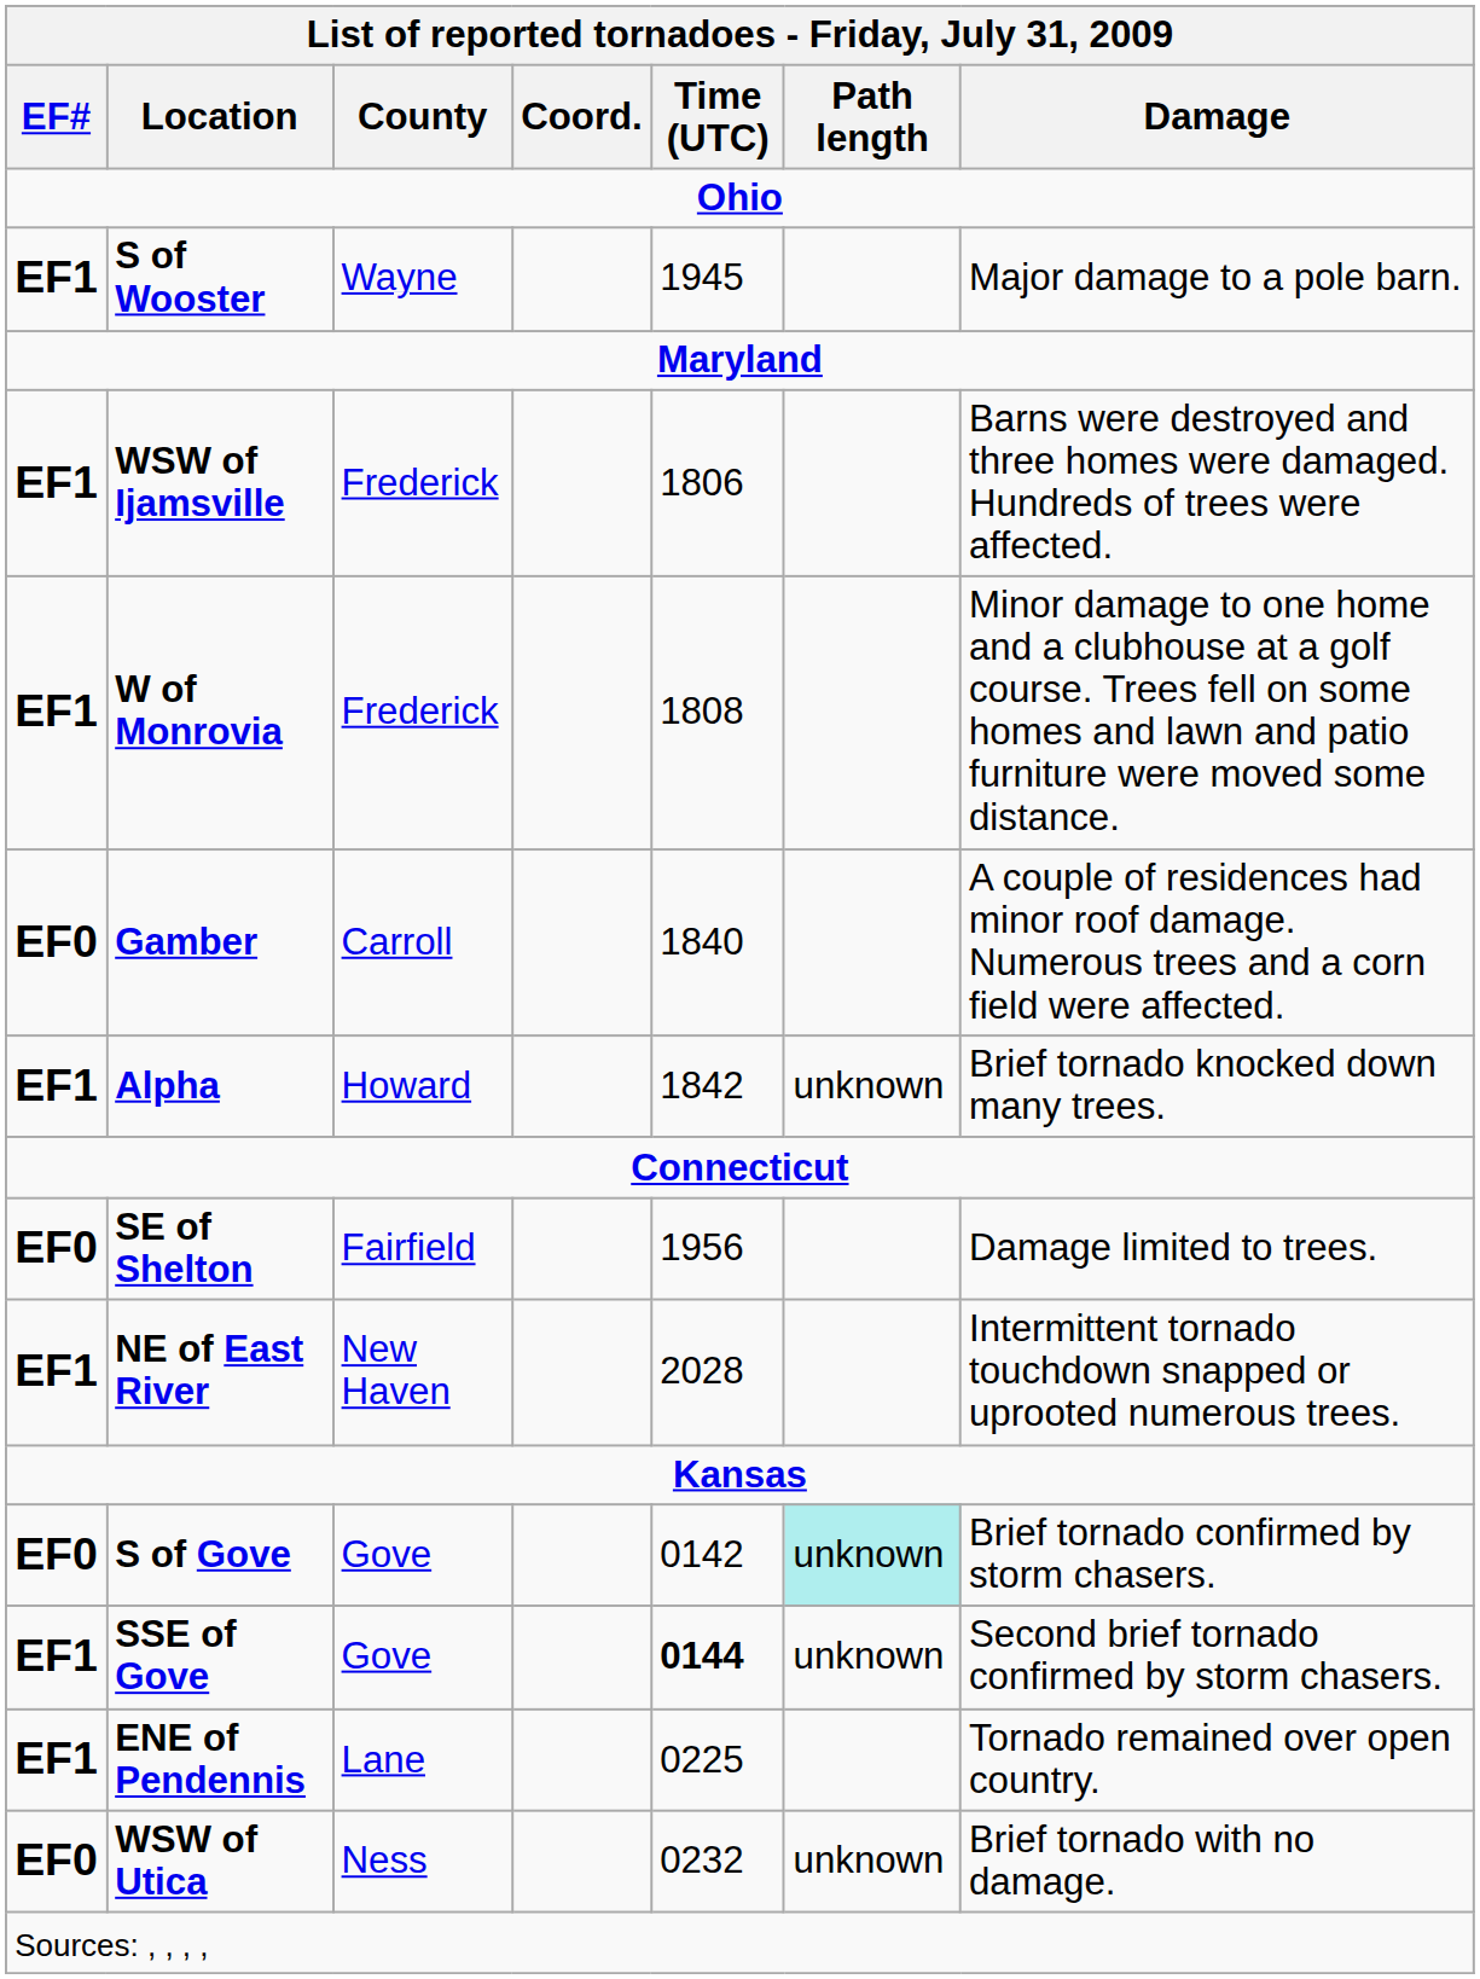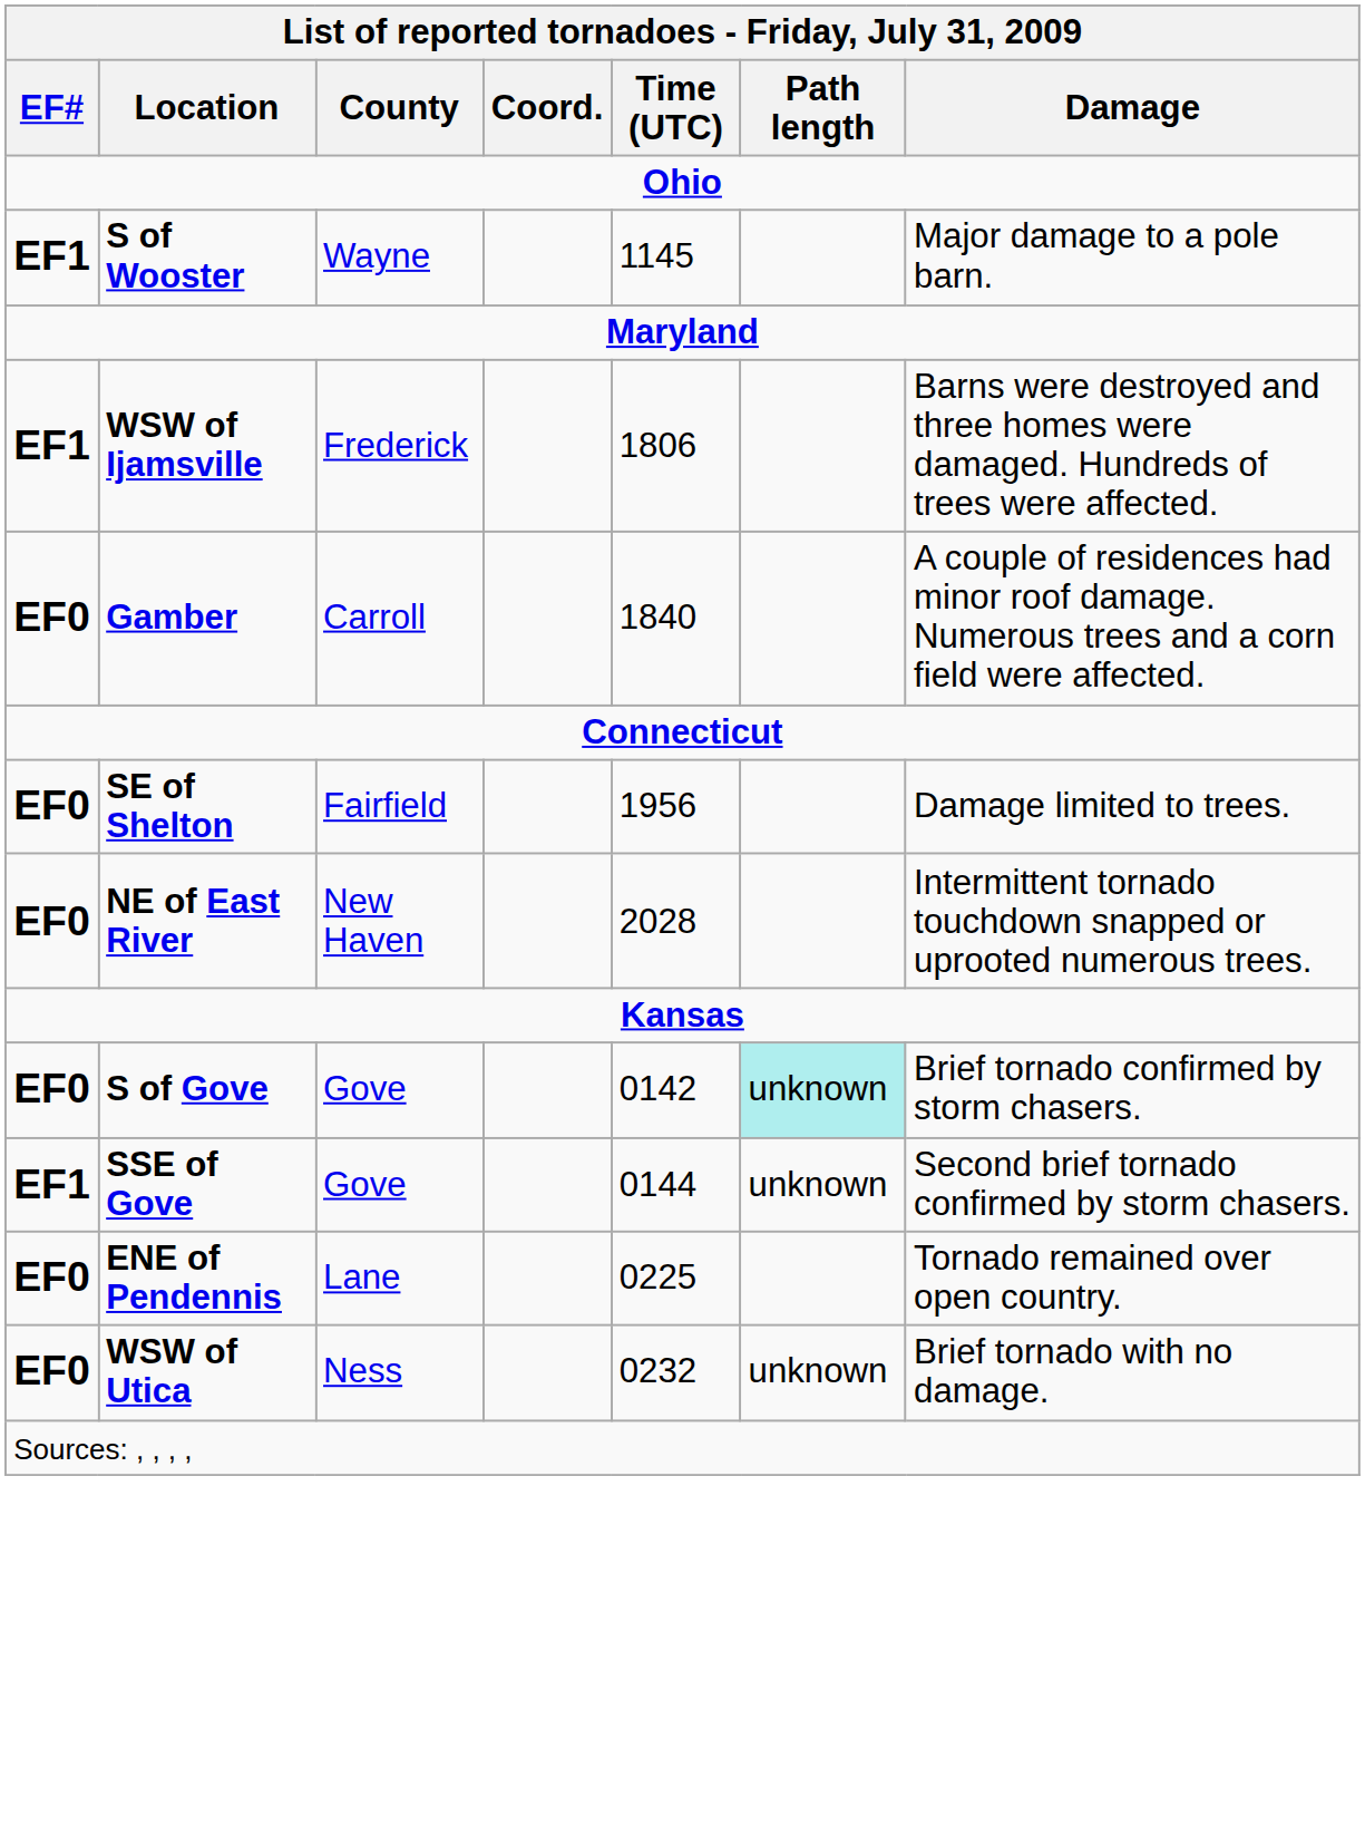 <table class="wikitable collapsible" style="width:100%;">
 <tr>
 <th colspan="7">List of reported tornadoes - Friday, July 31, 2009</th>
 </tr>
 <tr>
 <th><a href='#'>EF#</a></th>
 <th>Location</th>
 <th>County</th>
 <th>Coord.</th>
 <th>Time (UTC)</th>
 <th>Path length</th>
 <th>Damage</th>
 </tr>
 <tr>
 <td colspan="7" style="text-align:center;"><strong><a href='#'>Ohio</a></strong></td>
 </tr>
 <tr>
 <td><big><strong>EF1</strong></big></td>
 <td><strong>S of <a href='#'>Wooster</a></strong></td>
 <td><a href='#'>Wayne</a></td>
 <td></td>
-<td>1945</td>
+<td>1145</td>
 <td></td>
 <td>Major damage to a pole barn.</td>
 </tr>
 <tr>
 <td colspan="7" style="text-align:center;"><strong><a href='#'>Maryland</a></strong></td>
 </tr>
 <tr>
 <td><big><strong>EF1</strong></big></td>
 <td><strong>WSW of <a href='#'>Ijamsville</a></strong></td>
 <td><a href='#'>Frederick</a></td>
 <td></td>
 <td>1806</td>
 <td></td>
 <td>Barns were destroyed and three homes were damaged. Hundreds of trees were affected.</td>
 </tr>
 <tr>
-<td><big><strong>EF1</strong></big></td>
-<td><strong>W of <a href='#'>Monrovia</a></strong></td>
-<td><a href='#'>Frederick</a></td>
-<td></td>
-<td>1808</td>
-<td></td>
-<td>Minor damage to one home and a clubhouse at a golf course. Trees fell on some homes and lawn and patio furniture were moved some distance.</td>
-</tr>
-<tr>
 <td><big><strong>EF0</strong></big></td>
 <td><strong><a href='#'>Gamber</a></strong></td>
 <td><a href='#'>Carroll</a></td>
 <td></td>
 <td>1840</td>
 <td></td>
 <td>A couple of residences had minor roof damage. Numerous trees and a corn field were affected.</td>
-</tr>
-<tr>
-<td><big><strong>EF1</strong></big></td>
-<td><strong><a href='#'>Alpha</a></strong></td>
-<td><a href='#'>Howard</a></td>
-<td></td>
-<td>1842</td>
-<td>unknown</td>
-<td>Brief tornado knocked down many trees.</td>
 </tr>
 <tr>
 <td colspan="7" style="text-align:center;"><strong><a href='#'>Connecticut</a></strong></td>
 </tr>
 <tr>
 <td><big><strong>EF0</strong></big></td>
 <td><strong>SE of <a href='#'>Shelton</a></strong></td>
 <td><a href='#'>Fairfield</a></td>
 <td></td>
 <td>1956</td>
 <td></td>
 <td>Damage limited to trees.</td>
 </tr>
 <tr>
-<td><big><strong>EF1</strong></big></td>
+<td><big><strong>EF0</strong></big></td>
 <td><strong>NE of <a href='#'>East River</a></strong></td>
 <td><a href='#'>New Haven</a></td>
 <td></td>
 <td>2028</td>
 <td></td>
 <td>Intermittent tornado touchdown snapped or uprooted numerous trees.</td>
 </tr>
 <tr>
 <td colspan="7" style="text-align:center;"><strong><a href='#'>Kansas</a></strong></td>
 </tr>
 <tr>
 <td><big><strong>EF0</strong></big></td>
 <td><strong>S of <a href='#'>Gove</a></strong></td>
 <td><a href='#'>Gove</a></td>
 <td></td>
 <td>0142</td>
 <td style="background: paleturquoise;">unknown</td>
 <td>Brief tornado confirmed by storm chasers.</td>
 </tr>
 <tr>
 <td><big><strong>EF1</strong></big></td>
 <td><strong>SSE of <a href='#'>Gove</a></strong></td>
 <td><a href='#'>Gove</a></td>
 <td></td>
-<td><strong>0144</strong></td>
+<td>0144</td>
 <td>unknown</td>
 <td>Second brief tornado confirmed by storm chasers.</td>
 </tr>
 <tr>
-<td><big><strong>EF1</strong></big></td>
+<td><big><strong>EF0</strong></big></td>
 <td><strong>ENE of <a href='#'>Pendennis</a></strong></td>
 <td><a href='#'>Lane</a></td>
 <td></td>
 <td>0225</td>
 <td></td>
 <td>Tornado remained over open country.</td>
 </tr>
 <tr>
 <td><big><strong>EF0</strong></big></td>
 <td><strong>WSW of <a href='#'>Utica</a></strong></td>
 <td><a href='#'>Ness</a></td>
 <td></td>
 <td>0232</td>
 <td>unknown</td>
 <td>Brief tornado with no damage.</td>
 </tr>
 <tr>
 <td colspan="7"><small>Sources: , , , , </small></td>
 </tr>
 </table>
